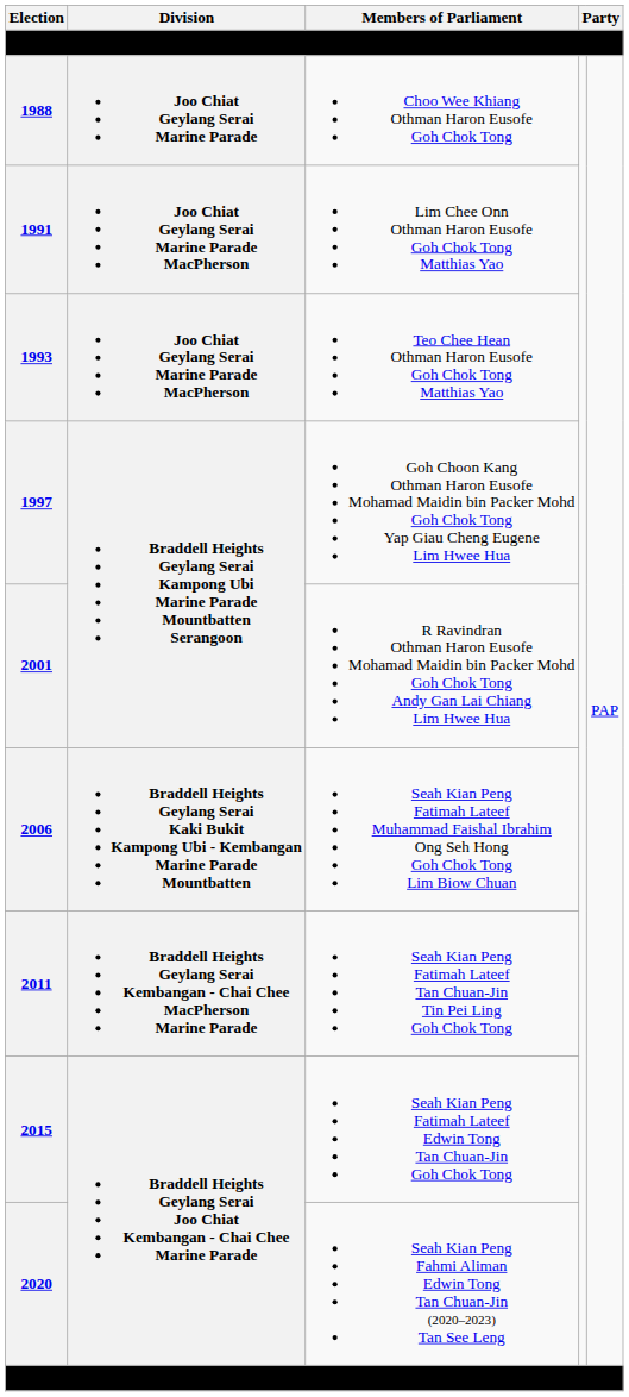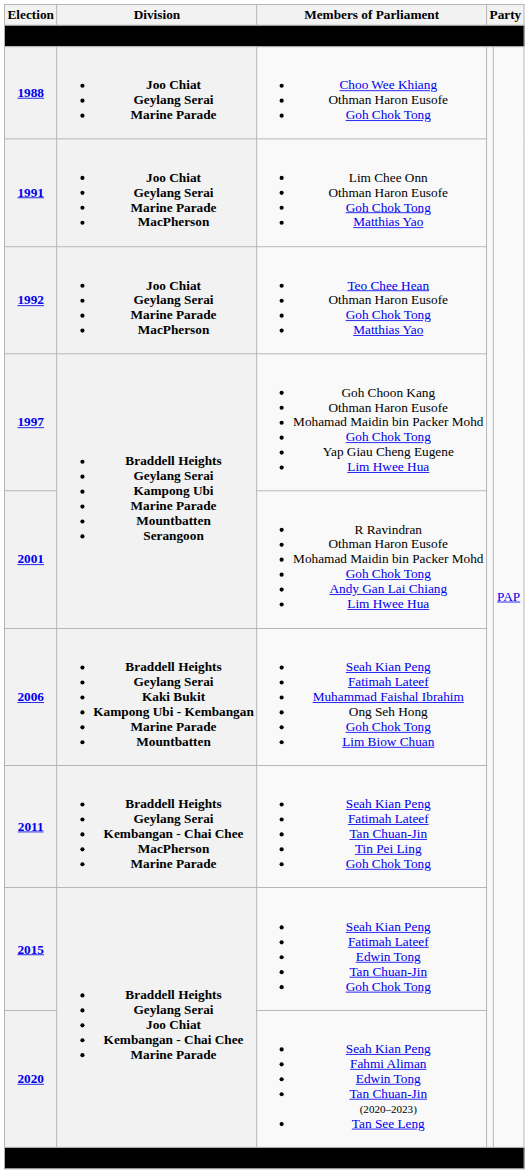 <table class="wikitable" align="center" style="text-align:center">
 <tr>
 <th>Election</th>
 <th>Division</th>
 <th>Members of Parliament</th>
 <th colspan="2">Party</th>
 </tr>
 <tr>
 <td colspan=5 bgcolor=black><span><strong>Formation</strong></span></td>
 </tr>
 <tr>
 <th><a href='#'>1988</a></th>
 <th><br><ul><li>Joo Chiat</li><li>Geylang Serai</li><li>Marine Parade</li></ul></th>
 <td><br><ul><li><a href='#'>Choo Wee Khiang</a></li><li>Othman Haron Eusofe</li><li><a href='#'>Goh Chok Tong</a></li></ul></td>
 <td rowspan="9"></td>
 <td rowspan="9"><a href='#'>PAP</a></td>
 </tr>
 <tr>
 <th><a href='#'>1991</a></th>
 <th><br><ul><li>Joo Chiat</li><li>Geylang Serai</li><li>Marine Parade</li><li>MacPherson</li></ul></th>
 <td><br><ul><li>Lim Chee Onn</li><li>Othman Haron Eusofe</li><li><a href='#'>Goh Chok Tong</a></li><li><a href='#'>Matthias Yao</a></li></ul></td>
 </tr>
 <tr>
-<th><a href='#'>1993</a></th>
+<th><a href='#'>1992</a></th>
 <th><br><ul><li>Joo Chiat</li><li>Geylang Serai</li><li>Marine Parade</li><li>MacPherson</li></ul></th>
 <td><br><ul><li><a href='#'>Teo Chee Hean</a></li><li>Othman Haron Eusofe</li><li><a href='#'>Goh Chok Tong</a></li><li><a href='#'>Matthias Yao</a></li></ul></td>
 </tr>
 <tr>
 <th><a href='#'>1997</a></th>
 <th rowspan=2><br><ul><li>Braddell Heights</li><li>Geylang Serai</li><li>Kampong Ubi</li><li>Marine Parade</li><li>Mountbatten</li><li>Serangoon</li></ul></th>
 <td><br><ul><li>Goh Choon Kang</li><li>Othman Haron Eusofe</li><li>Mohamad Maidin bin Packer Mohd</li><li><a href='#'>Goh Chok Tong</a></li><li>Yap Giau Cheng Eugene</li><li><a href='#'>Lim Hwee Hua</a></li></ul></td>
 </tr>
 <tr>
 <th><a href='#'>2001</a></th>
 <td><br><ul><li>R Ravindran</li><li>Othman Haron Eusofe</li><li>Mohamad Maidin bin Packer Mohd</li><li><a href='#'>Goh Chok Tong</a></li><li><a href='#'>Andy Gan Lai Chiang</a></li><li><a href='#'>Lim Hwee Hua</a></li></ul></td>
 </tr>
 <tr>
 <th><a href='#'>2006</a></th>
 <th><br><ul><li>Braddell Heights</li><li>Geylang Serai</li><li>Kaki Bukit</li><li>Kampong Ubi - Kembangan</li><li>Marine Parade</li><li>Mountbatten</li></ul></th>
 <td><br><ul><li><a href='#'>Seah Kian Peng</a></li><li><a href='#'>Fatimah Lateef</a></li><li><a href='#'>Muhammad Faishal Ibrahim</a></li><li>Ong Seh Hong</li><li><a href='#'>Goh Chok Tong</a></li><li><a href='#'>Lim Biow Chuan</a></li></ul></td>
 </tr>
 <tr>
 <th><a href='#'>2011</a></th>
 <th><br><ul><li>Braddell Heights</li><li>Geylang Serai</li><li>Kembangan - Chai Chee</li><li>MacPherson</li><li>Marine Parade</li></ul></th>
 <td><br><ul><li><a href='#'>Seah Kian Peng</a></li><li><a href='#'>Fatimah Lateef</a></li><li><a href='#'>Tan Chuan-Jin</a></li><li><a href='#'>Tin Pei Ling</a></li><li><a href='#'>Goh Chok Tong</a></li></ul></td>
 </tr>
 <tr>
 <th><a href='#'>2015</a></th>
 <th rowspan=2><br><ul><li>Braddell Heights</li><li>Geylang Serai</li><li>Joo Chiat</li><li>Kembangan - Chai Chee</li><li>Marine Parade</li></ul></th>
 <td><br><ul><li><a href='#'>Seah Kian Peng</a></li><li><a href='#'>Fatimah Lateef</a></li><li><a href='#'>Edwin Tong</a></li><li><a href='#'>Tan Chuan-Jin</a></li><li><a href='#'>Goh Chok Tong</a></li></ul></td>
 </tr>
 <tr>
 <th><a href='#'>2020</a></th>
 <td><br><ul><li><a href='#'>Seah Kian Peng</a></li><li><a href='#'>Fahmi Aliman</a></li><li><a href='#'>Edwin Tong</a></li><li><a href='#'>Tan Chuan-Jin</a><br><small>(2020–2023)</small></li><li><a href='#'>Tan See Leng</a></li></ul></td>
 </tr>
 <tr>
 <td colspan=5 bgcolor=black><span><strong>Constituency abolished (2025)</strong></span></td>
 </tr>
 </table>
